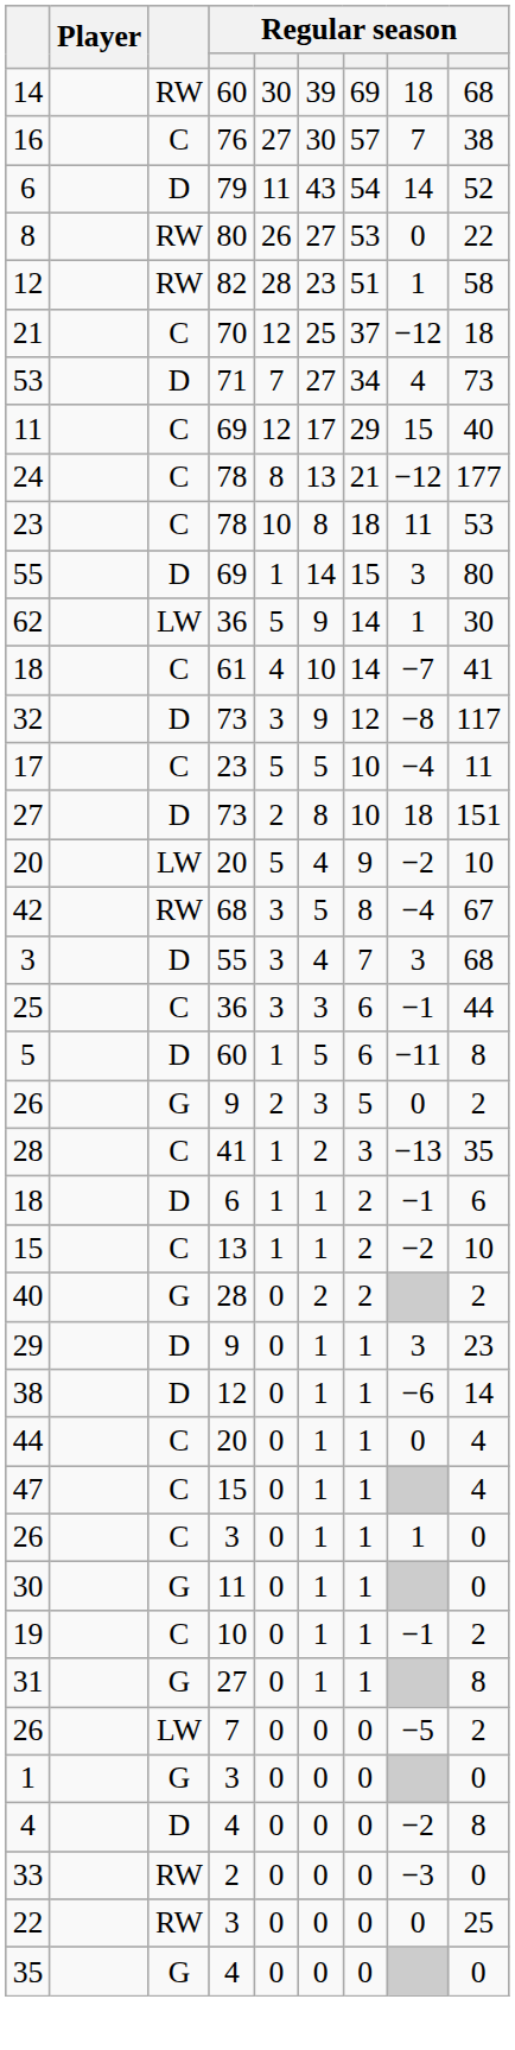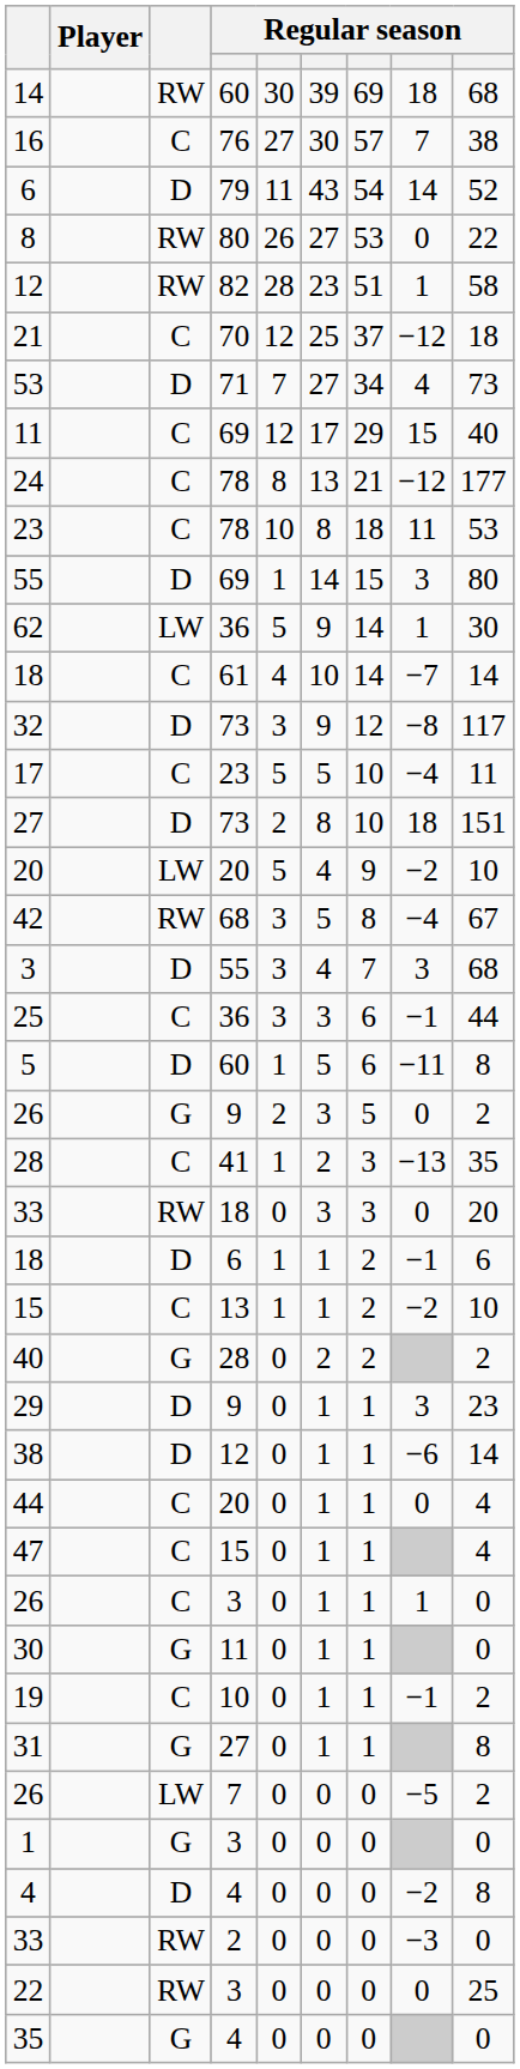 <table class="wikitable sortable plainrowheaders" style="text-align:center;">
 <tr>
 <th scope="col" data-sort-type="number" rowspan="2"></th>
 <th scope="col" rowspan="2">Player</th>
 <th scope="col" rowspan="2"></th>
 <th scope=colgroup colspan=6>Regular season</th>
 </tr>
 <tr>
 <th scope="col" data-sort-type="number"></th>
 <th scope="col" data-sort-type="number"></th>
 <th scope="col" data-sort-type="number"></th>
 <th scope="col" data-sort-type="number"></th>
 <th scope="col" data-sort-type="number"></th>
 <th scope="col" data-sort-type="number"></th>
 </tr>
 <tr>
 <td scope="row">14</td>
 <td align="left"></td>
 <td>RW</td>
 <td>60</td>
 <td>30</td>
 <td>39</td>
 <td>69</td>
 <td>18</td>
 <td>68</td>
 </tr>
 <tr>
 <td scope="row">16</td>
 <td align="left"></td>
 <td>C</td>
 <td>76</td>
 <td>27</td>
 <td>30</td>
 <td>57</td>
 <td>7</td>
 <td>38</td>
 </tr>
 <tr>
 <td scope="row">6</td>
 <td align="left"></td>
 <td>D</td>
 <td>79</td>
 <td>11</td>
 <td>43</td>
 <td>54</td>
 <td>14</td>
 <td>52</td>
 </tr>
 <tr>
 <td scope="row">8</td>
 <td align="left"></td>
 <td>RW</td>
 <td>80</td>
 <td>26</td>
 <td>27</td>
 <td>53</td>
 <td>0</td>
 <td>22</td>
 </tr>
 <tr>
 <td scope="row">12</td>
 <td align="left"></td>
 <td>RW</td>
 <td>82</td>
 <td>28</td>
 <td>23</td>
 <td>51</td>
 <td>1</td>
 <td>58</td>
 </tr>
 <tr>
 <td scope="row">21</td>
 <td align="left"></td>
 <td>C</td>
 <td>70</td>
 <td>12</td>
 <td>25</td>
 <td>37</td>
 <td>−12</td>
 <td>18</td>
 </tr>
 <tr>
 <td scope="row">53</td>
 <td align="left"></td>
 <td>D</td>
 <td>71</td>
 <td>7</td>
 <td>27</td>
 <td>34</td>
 <td>4</td>
 <td>73</td>
 </tr>
 <tr>
 <td scope="row">11</td>
 <td align="left"></td>
 <td>C</td>
 <td>69</td>
 <td>12</td>
 <td>17</td>
 <td>29</td>
 <td>15</td>
 <td>40</td>
 </tr>
 <tr>
 <td scope="row">24</td>
 <td align="left"></td>
 <td>C</td>
 <td>78</td>
 <td>8</td>
 <td>13</td>
 <td>21</td>
 <td>−12</td>
 <td>177</td>
 </tr>
 <tr>
 <td scope="row">23</td>
 <td align="left"></td>
 <td>C</td>
 <td>78</td>
 <td>10</td>
 <td>8</td>
 <td>18</td>
 <td>11</td>
 <td>53</td>
 </tr>
 <tr>
 <td scope="row">55</td>
 <td align="left"></td>
 <td>D</td>
 <td>69</td>
 <td>1</td>
 <td>14</td>
 <td>15</td>
 <td>3</td>
 <td>80</td>
 </tr>
 <tr>
 <td scope="row">62</td>
 <td align="left"></td>
 <td>LW</td>
 <td>36</td>
 <td>5</td>
 <td>9</td>
 <td>14</td>
 <td>1</td>
 <td>30</td>
 </tr>
 <tr>
 <td scope="row">18</td>
 <td align="left"></td>
 <td>C</td>
 <td>61</td>
 <td>4</td>
 <td>10</td>
 <td>14</td>
 <td>−7</td>
-<td>41</td>
+<td>14</td>
 </tr>
 <tr>
 <td scope="row">32</td>
 <td align="left"></td>
 <td>D</td>
 <td>73</td>
 <td>3</td>
 <td>9</td>
 <td>12</td>
 <td>−8</td>
 <td>117</td>
 </tr>
 <tr>
 <td scope="row">17</td>
 <td align="left"></td>
 <td>C</td>
 <td>23</td>
 <td>5</td>
 <td>5</td>
 <td>10</td>
 <td>−4</td>
 <td>11</td>
 </tr>
 <tr>
 <td scope="row">27</td>
 <td align="left"></td>
 <td>D</td>
 <td>73</td>
 <td>2</td>
 <td>8</td>
 <td>10</td>
 <td>18</td>
 <td>151</td>
 </tr>
 <tr>
 <td scope="row">20</td>
 <td align="left"></td>
 <td>LW</td>
 <td>20</td>
 <td>5</td>
 <td>4</td>
 <td>9</td>
 <td>−2</td>
 <td>10</td>
 </tr>
 <tr>
 <td scope="row">42</td>
 <td align="left"></td>
 <td>RW</td>
 <td>68</td>
 <td>3</td>
 <td>5</td>
 <td>8</td>
 <td>−4</td>
 <td>67</td>
 </tr>
 <tr>
 <td scope="row">3</td>
 <td align="left"></td>
 <td>D</td>
 <td>55</td>
 <td>3</td>
 <td>4</td>
 <td>7</td>
 <td>3</td>
 <td>68</td>
 </tr>
 <tr>
 <td scope="row">25</td>
 <td align="left"></td>
 <td>C</td>
 <td>36</td>
 <td>3</td>
 <td>3</td>
 <td>6</td>
 <td>−1</td>
 <td>44</td>
 </tr>
 <tr>
 <td scope="row">5</td>
 <td align="left"></td>
 <td>D</td>
 <td>60</td>
 <td>1</td>
 <td>5</td>
 <td>6</td>
 <td>−11</td>
 <td>8</td>
 </tr>
 <tr>
 <td scope="row">26</td>
 <td align="left"></td>
 <td>G</td>
 <td>9</td>
 <td>2</td>
 <td>3</td>
 <td>5</td>
 <td>0</td>
 <td>2</td>
 </tr>
 <tr>
 <td scope="row">28</td>
 <td align="left"></td>
 <td>C</td>
 <td>41</td>
 <td>1</td>
 <td>2</td>
 <td>3</td>
 <td>−13</td>
 <td>35</td>
+</tr>
+<tr>
+<td scope="row">33</td>
+<td align="left"></td>
+<td>RW</td>
+<td>18</td>
+<td>0</td>
+<td>3</td>
+<td>3</td>
+<td>0</td>
+<td>20</td>
 </tr>
 <tr>
 <td scope="row">18</td>
 <td align="left"></td>
 <td>D</td>
 <td>6</td>
 <td>1</td>
 <td>1</td>
 <td>2</td>
 <td>−1</td>
 <td>6</td>
 </tr>
 <tr>
 <td scope="row">15</td>
 <td align="left"></td>
 <td>C</td>
 <td>13</td>
 <td>1</td>
 <td>1</td>
 <td>2</td>
 <td>−2</td>
 <td>10</td>
 </tr>
 <tr>
 <td scope="row">40</td>
 <td align="left"></td>
 <td>G</td>
 <td>28</td>
 <td>0</td>
 <td>2</td>
 <td>2</td>
 <td style="background:#ccc"></td>
 <td>2</td>
 </tr>
 <tr>
 <td scope="row">29</td>
 <td align="left"></td>
 <td>D</td>
 <td>9</td>
 <td>0</td>
 <td>1</td>
 <td>1</td>
 <td>3</td>
 <td>23</td>
 </tr>
 <tr>
 <td scope="row">38</td>
 <td align="left"></td>
 <td>D</td>
 <td>12</td>
 <td>0</td>
 <td>1</td>
 <td>1</td>
 <td>−6</td>
 <td>14</td>
 </tr>
 <tr>
 <td scope="row">44</td>
 <td align="left"></td>
 <td>C</td>
 <td>20</td>
 <td>0</td>
 <td>1</td>
 <td>1</td>
 <td>0</td>
 <td>4</td>
 </tr>
 <tr>
 <td scope="row">47</td>
 <td align="left"></td>
 <td>C</td>
 <td>15</td>
 <td>0</td>
 <td>1</td>
 <td>1</td>
 <td style="background:#ccc"></td>
 <td>4</td>
 </tr>
 <tr>
 <td scope="row">26</td>
 <td align="left"></td>
 <td>C</td>
 <td>3</td>
 <td>0</td>
 <td>1</td>
 <td>1</td>
 <td>1</td>
 <td>0</td>
 </tr>
 <tr>
 <td scope="row">30</td>
 <td align="left"></td>
 <td>G</td>
 <td>11</td>
 <td>0</td>
 <td>1</td>
 <td>1</td>
 <td style="background:#ccc"></td>
 <td>0</td>
 </tr>
 <tr>
 <td scope="row">19</td>
 <td align="left"></td>
 <td>C</td>
 <td>10</td>
 <td>0</td>
 <td>1</td>
 <td>1</td>
 <td>−1</td>
 <td>2</td>
 </tr>
 <tr>
 <td scope="row">31</td>
 <td align="left"></td>
 <td>G</td>
 <td>27</td>
 <td>0</td>
 <td>1</td>
 <td>1</td>
 <td style="background:#ccc"></td>
 <td>8</td>
 </tr>
 <tr>
 <td scope="row">26</td>
 <td align="left"></td>
 <td>LW</td>
 <td>7</td>
 <td>0</td>
 <td>0</td>
 <td>0</td>
 <td>−5</td>
 <td>2</td>
 </tr>
 <tr>
 <td scope="row">1</td>
 <td align="left"></td>
 <td>G</td>
 <td>3</td>
 <td>0</td>
 <td>0</td>
 <td>0</td>
 <td style="background:#ccc"></td>
 <td>0</td>
 </tr>
 <tr>
 <td scope="row">4</td>
 <td align="left"></td>
 <td>D</td>
 <td>4</td>
 <td>0</td>
 <td>0</td>
 <td>0</td>
 <td>−2</td>
 <td>8</td>
 </tr>
 <tr>
 <td scope="row">33</td>
 <td align="left"></td>
 <td>RW</td>
 <td>2</td>
 <td>0</td>
 <td>0</td>
 <td>0</td>
 <td>−3</td>
 <td>0</td>
 </tr>
 <tr>
 <td scope="row">22</td>
 <td align="left"></td>
 <td>RW</td>
 <td>3</td>
 <td>0</td>
 <td>0</td>
 <td>0</td>
 <td>0</td>
 <td>25</td>
 </tr>
 <tr>
 <td scope="row">35</td>
 <td align="left"></td>
 <td>G</td>
 <td>4</td>
 <td>0</td>
 <td>0</td>
 <td>0</td>
 <td style="background:#ccc"></td>
 <td>0</td>
 </tr>
 </table>
